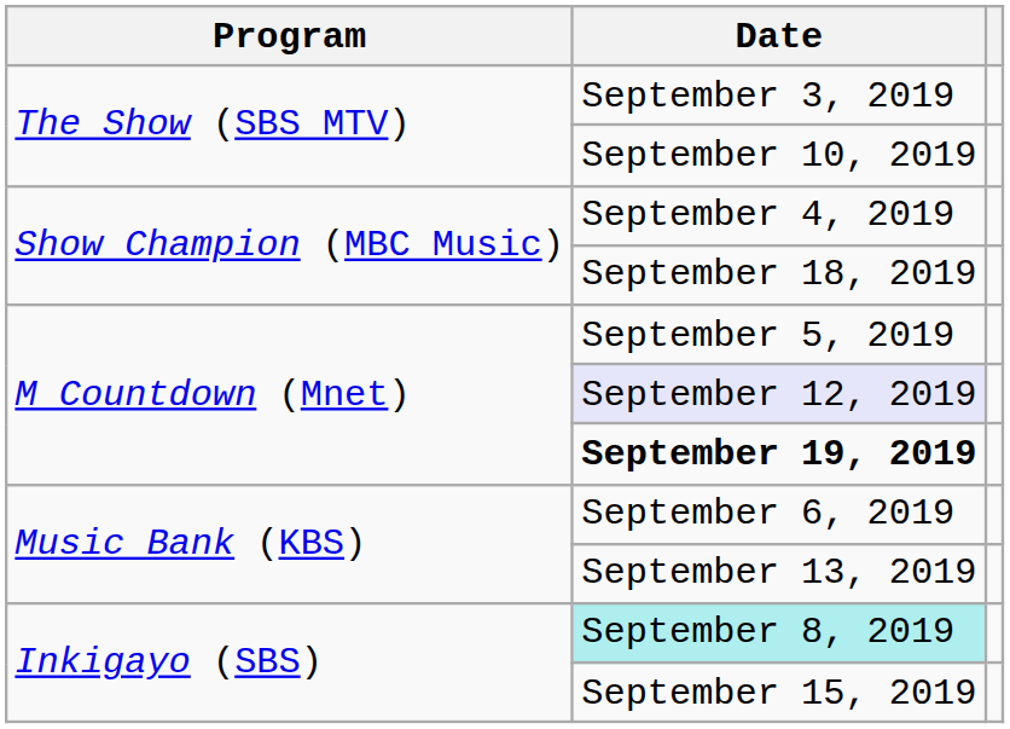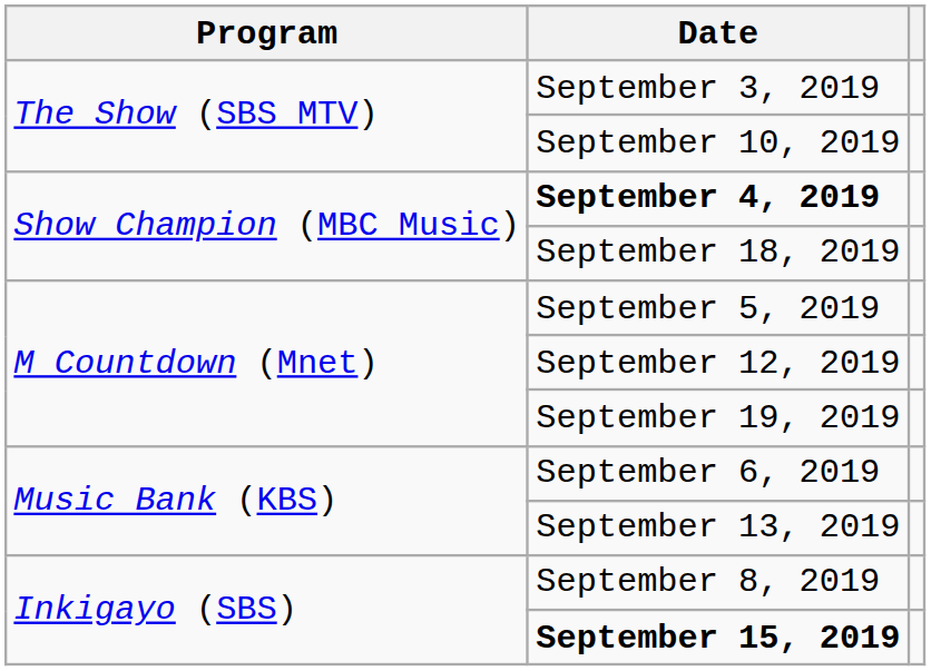 <table class="wikitable">
 <tr>
 <th>Program</th>
 <th>Date</th>
 <th></th>
 </tr>
 <tr>
 <td rowspan="2"><em><a href='#'>The Show</a></em> (<a href='#'>SBS MTV</a>)</td>
 <td>September 3, 2019</td>
 <td align="center"><span></span></td>
 </tr>
 <tr>
 <td>September 10, 2019</td>
 <td align="center"></td>
 </tr>
 <tr>
 <td rowspan="2"><em><a href='#'>Show Champion</a></em> (<a href='#'>MBC Music</a>)</td>
-<td>September 4, 2019</td>
+<td><strong>September 4, 2019</strong></td>
 <td align="center"><span></span><span></span></td>
 </tr>
 <tr>
 <td>September 18, 2019</td>
 <td align="center"></td>
 </tr>
 <tr>
 <td rowspan="3"><em><a href='#'>M Countdown</a></em> (<a href='#'>Mnet</a>)</td>
 <td>September 5, 2019</td>
 <td align="center"><span></span><span></span></td>
 </tr>
 <tr>
-<td style="background: lavender;">September 12, 2019</td>
+<td>September 12, 2019</td>
 <td align="center"></td>
 </tr>
 <tr>
-<td><strong>September 19, 2019</strong></td>
+<td>September 19, 2019</td>
 <td align="center"></td>
 </tr>
 <tr>
 <td rowspan="2"><em><a href='#'>Music Bank</a></em> (<a href='#'>KBS</a>)</td>
 <td>September 6, 2019</td>
 <td align="center"><span></span></td>
 </tr>
 <tr>
 <td>September 13, 2019</td>
 <td align="center"></td>
 </tr>
 <tr>
 <td rowspan="2"><em><a href='#'>Inkigayo</a></em> (<a href='#'>SBS</a>)</td>
-<td style="background: paleturquoise;">September 8, 2019</td>
+<td>September 8, 2019</td>
 <td align="center"><span></span></td>
 </tr>
 <tr>
-<td>September 15, 2019</td>
+<td><strong>September 15, 2019</strong></td>
 <td align="center"></td>
 </tr>
 </table>
